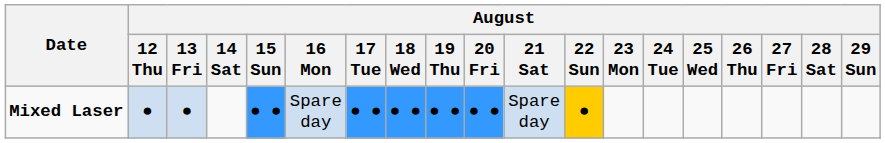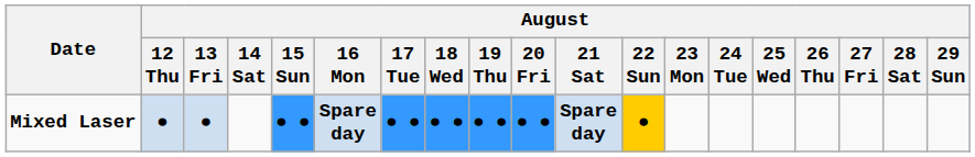 <table class="wikitable" style="margin:0.5em auto; font-size:90%; line-height:1.25em;">
 <tr>
 <th rowspan=2>Date</th>
 <th colspan=18>August</th>
 </tr>
 <tr>
 <th>12<br>Thu</th>
 <th>13<br>Fri</th>
 <th>14<br>Sat</th>
 <th>15<br>Sun</th>
 <th>16<br>Mon</th>
 <th>17<br>Tue</th>
 <th>18<br>Wed</th>
 <th>19<br>Thu</th>
 <th>20<br>Fri</th>
 <th>21<br>Sat</th>
 <th>22<br>Sun</th>
 <th>23<br>Mon</th>
 <th>24<br>Tue</th>
 <th>25<br>Wed</th>
 <th>26<br>Thu</th>
 <th>27<br>Fri</th>
 <th>28<br>Sat</th>
 <th>29<br>Sun</th>
 </tr>
 <tr align="center">
 <td align="center"><strong>Mixed Laser</strong></td>
 <td bgcolor=#cedff2><span> ● </span></td>
 <td bgcolor=#cedff2><span> ● </span></td>
 <td></td>
 <td bgcolor=#3399ff><span> ● ● </span></td>
-<td bgcolor=#cedff2>Spare<br>day</td>
+<td bgcolor=#cedff2><strong>Spare<br>day</strong></td>
 <td bgcolor=#3399ff><span> ● ● </span></td>
 <td bgcolor=#3399ff><span> ● ● </span></td>
 <td bgcolor=#3399ff><span> ● ● </span></td>
 <td bgcolor=#3399ff><span> ● ● </span></td>
-<td bgcolor=#cedff2>Spare<br>day</td>
+<td bgcolor=#cedff2><strong>Spare<br>day</strong></td>
 <td bgcolor=#ffcc00><span> ● </span></td>
 <td></td>
 <td></td>
 <td></td>
 <td></td>
 <td></td>
 <td></td>
 <td></td>
 </tr>
 </table>
